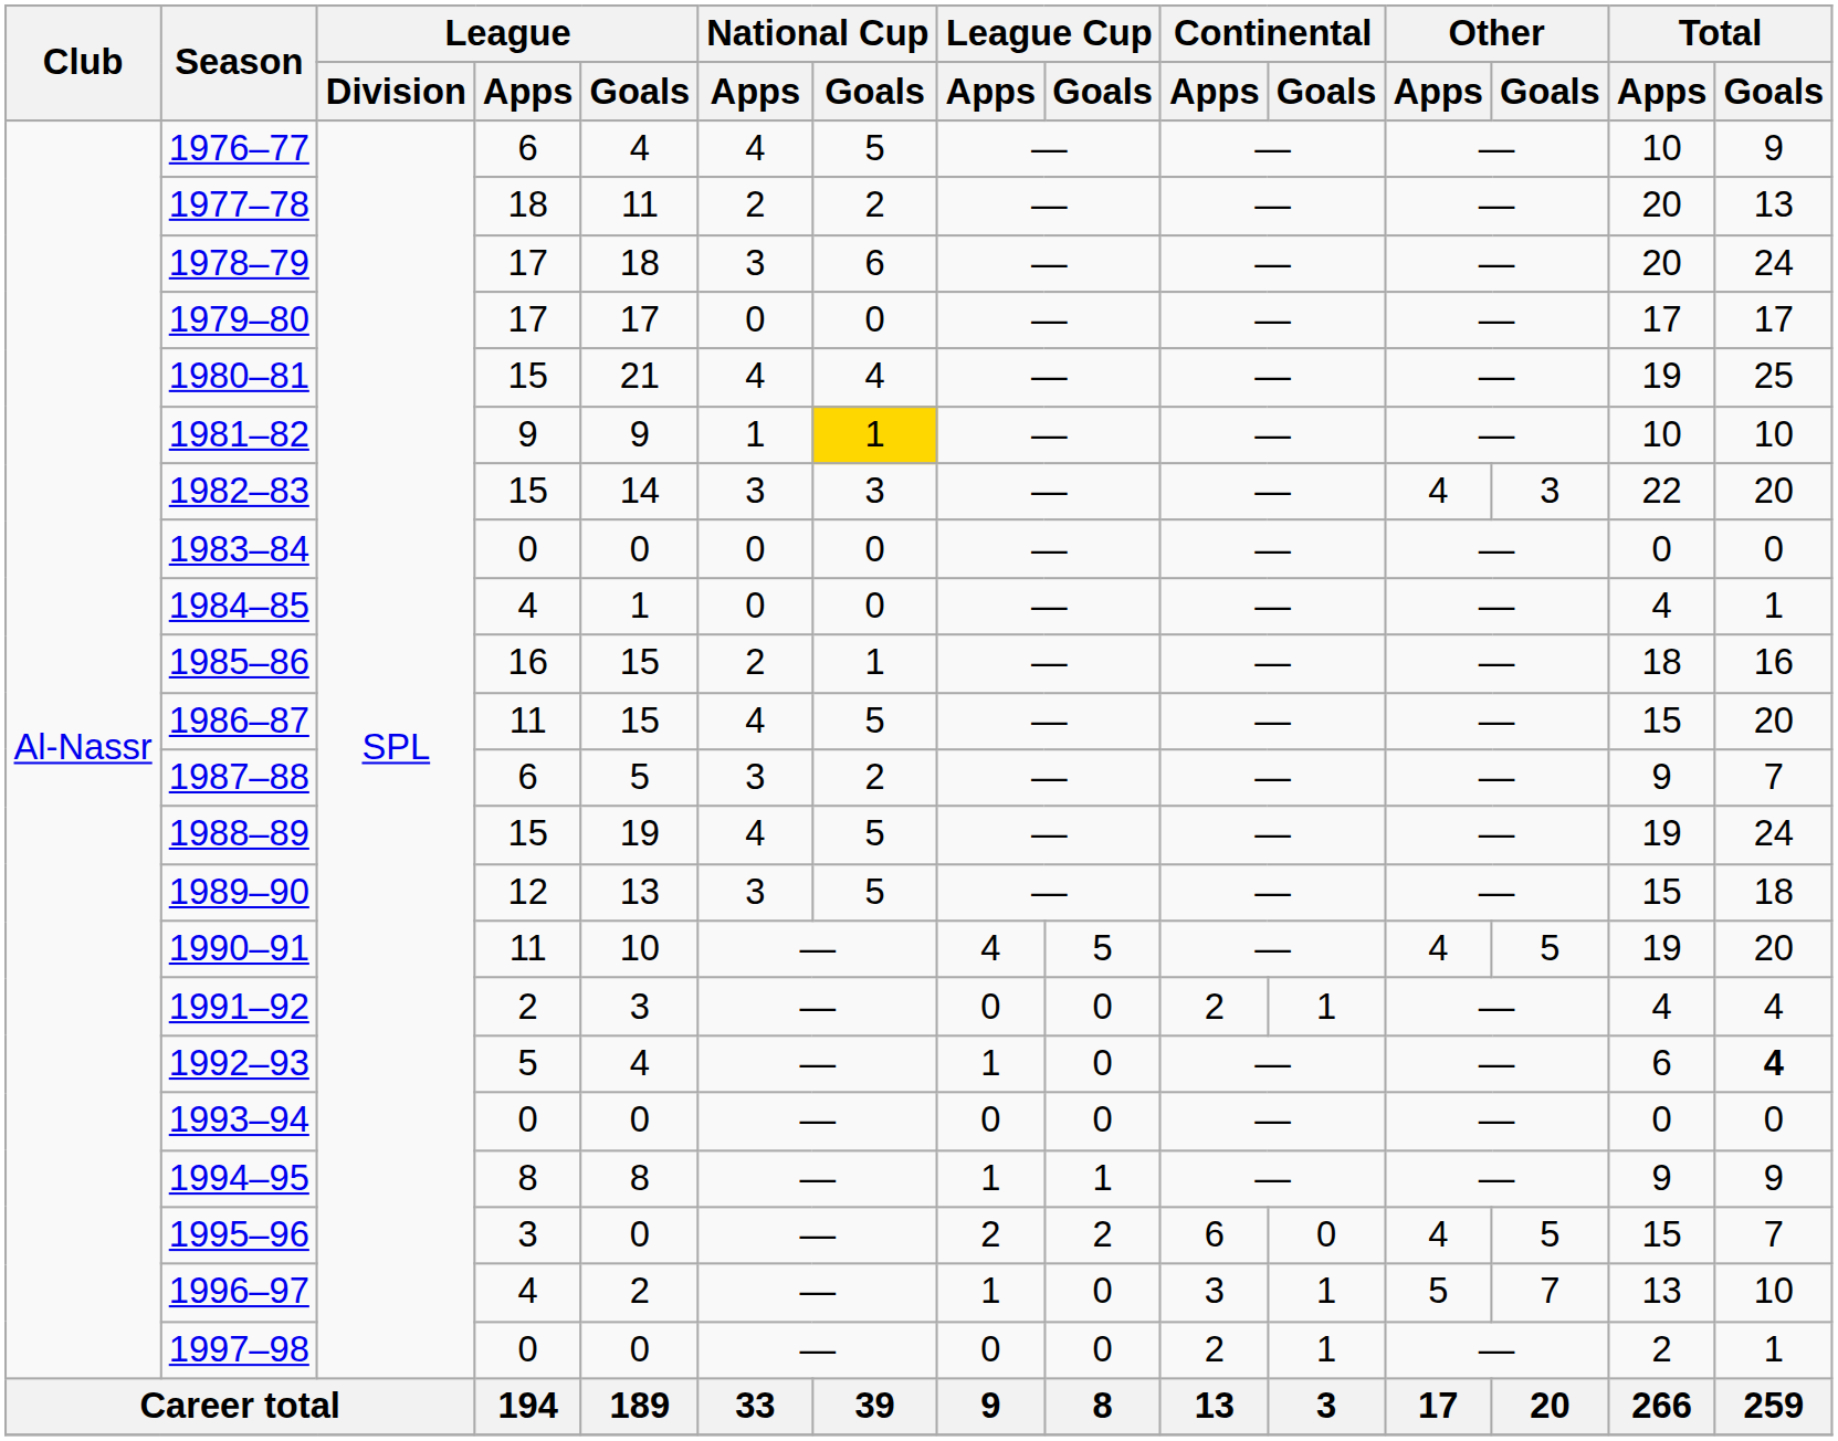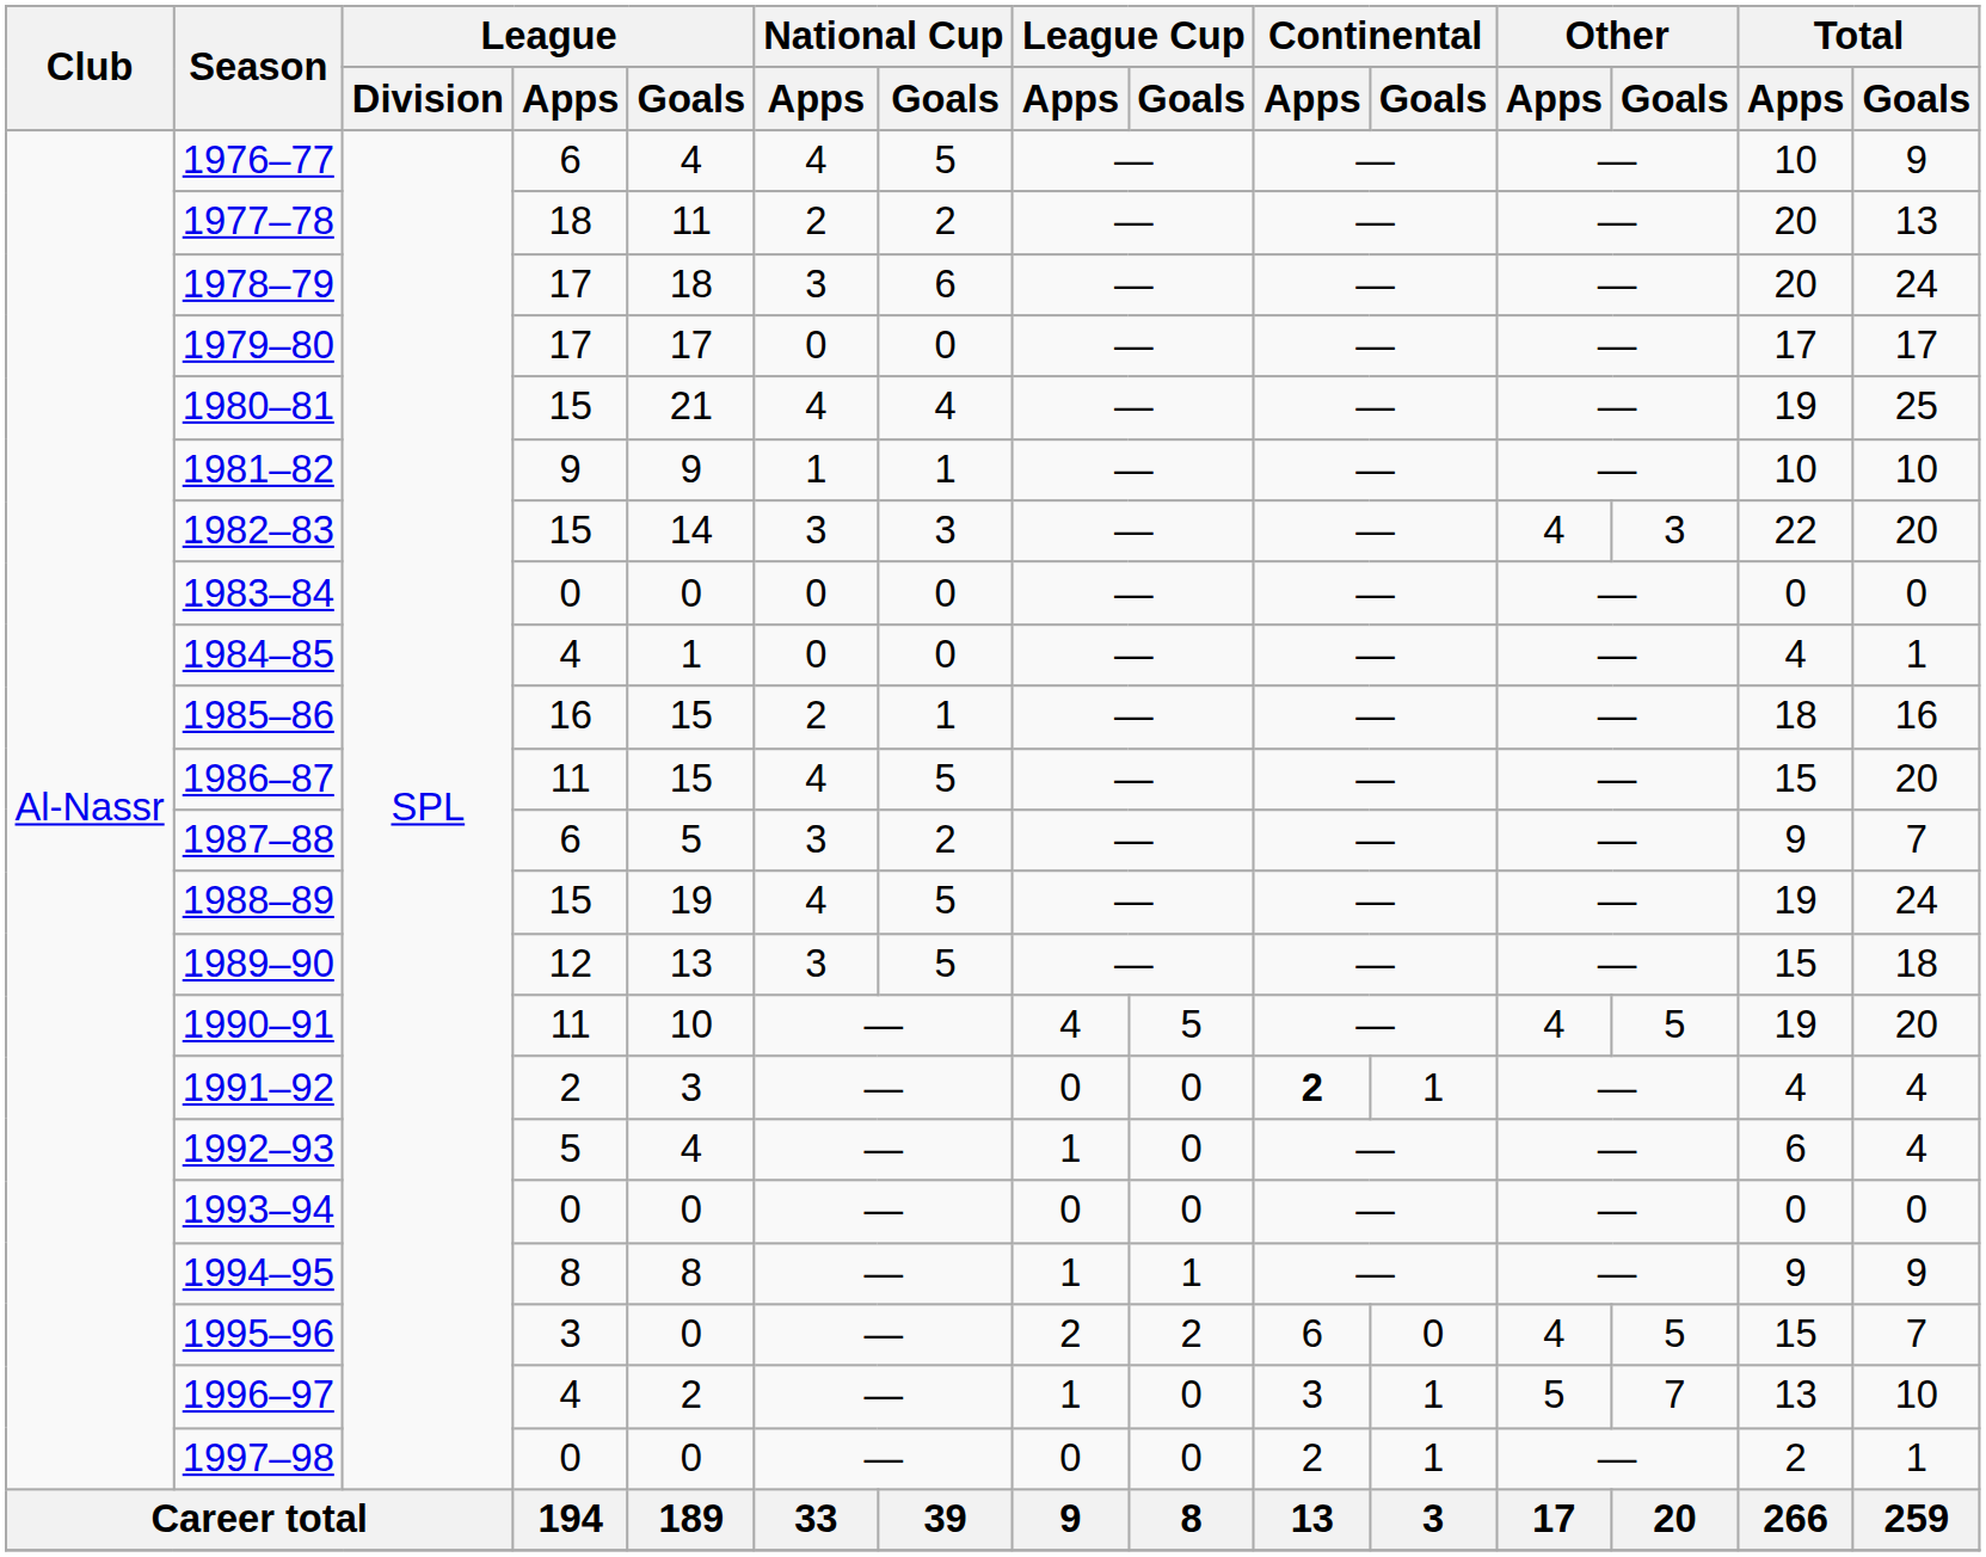 <table class="wikitable" style="text-align: center;">
 <tr>
 <th rowspan=2>Club</th>
 <th rowspan=2>Season</th>
 <th colspan=3>League</th>
 <th colspan=2>National Cup</th>
 <th colspan=2>League Cup</th>
 <th colspan=2>Continental</th>
 <th colspan=2>Other</th>
 <th colspan=2>Total</th>
 </tr>
 <tr>
 <th>Division</th>
 <th>Apps</th>
 <th>Goals</th>
 <th>Apps</th>
 <th>Goals</th>
 <th>Apps</th>
 <th>Goals</th>
 <th>Apps</th>
 <th>Goals</th>
 <th>Apps</th>
 <th>Goals</th>
 <th>Apps</th>
 <th>Goals</th>
 </tr>
 <tr>
 <td rowspan=22><a href='#'>Al-Nassr</a></td>
 <td><a href='#'>1976–77</a></td>
 <td rowspan=22><a href='#'>SPL</a></td>
 <td>6</td>
 <td>4</td>
 <td>4</td>
 <td>5</td>
 <td colspan=2>—</td>
 <td colspan=2>—</td>
 <td colspan=2>—</td>
 <td>10</td>
 <td>9</td>
 </tr>
 <tr>
 <td><a href='#'>1977–78</a></td>
 <td>18</td>
 <td>11</td>
 <td>2</td>
 <td>2</td>
 <td colspan=2>—</td>
 <td colspan=2>—</td>
 <td colspan=2>—</td>
 <td>20</td>
 <td>13</td>
 </tr>
 <tr>
 <td><a href='#'>1978–79</a></td>
 <td>17</td>
 <td>18</td>
 <td>3</td>
 <td>6</td>
 <td colspan=2>—</td>
 <td colspan=2>—</td>
 <td colspan=2>—</td>
 <td>20</td>
 <td>24</td>
 </tr>
 <tr>
 <td><a href='#'>1979–80</a></td>
 <td>17</td>
 <td>17</td>
 <td>0</td>
 <td>0</td>
 <td colspan=2>—</td>
 <td colspan=2>—</td>
 <td colspan=2>—</td>
 <td>17</td>
 <td>17</td>
 </tr>
 <tr>
 <td><a href='#'>1980–81</a></td>
 <td>15</td>
 <td>21</td>
 <td>4</td>
 <td>4</td>
 <td colspan=2>—</td>
 <td colspan=2>—</td>
 <td colspan=2>—</td>
 <td>19</td>
 <td>25</td>
 </tr>
 <tr>
 <td><a href='#'>1981–82</a></td>
 <td>9</td>
 <td>9</td>
 <td>1</td>
-<td style="background: gold;">1</td>
+<td>1</td>
 <td colspan=2>—</td>
 <td colspan=2>—</td>
 <td colspan=2>—</td>
 <td>10</td>
 <td>10</td>
 </tr>
 <tr>
 <td><a href='#'>1982–83</a></td>
 <td>15</td>
 <td>14</td>
 <td>3</td>
 <td>3</td>
 <td colspan=2>—</td>
 <td colspan=2>—</td>
 <td>4</td>
 <td>3</td>
 <td>22</td>
 <td>20</td>
 </tr>
 <tr>
 <td><a href='#'>1983–84</a></td>
 <td>0</td>
 <td>0</td>
 <td>0</td>
 <td>0</td>
 <td colspan=2>—</td>
 <td colspan=2>—</td>
 <td colspan=2>—</td>
 <td>0</td>
 <td>0</td>
 </tr>
 <tr>
 <td><a href='#'>1984–85</a></td>
 <td>4</td>
 <td>1</td>
 <td>0</td>
 <td>0</td>
 <td colspan=2>—</td>
 <td colspan=2>—</td>
 <td colspan=2>—</td>
 <td>4</td>
 <td>1</td>
 </tr>
 <tr>
 <td><a href='#'>1985–86</a></td>
 <td>16</td>
 <td>15</td>
 <td>2</td>
 <td>1</td>
 <td colspan=2>—</td>
 <td colspan=2>—</td>
 <td colspan=2>—</td>
 <td>18</td>
 <td>16</td>
 </tr>
 <tr>
 <td><a href='#'>1986–87</a></td>
 <td>11</td>
 <td>15</td>
 <td>4</td>
 <td>5</td>
 <td colspan=2>—</td>
 <td colspan=2>—</td>
 <td colspan=2>—</td>
 <td>15</td>
 <td>20</td>
 </tr>
 <tr>
 <td><a href='#'>1987–88</a></td>
 <td>6</td>
 <td>5</td>
 <td>3</td>
 <td>2</td>
 <td colspan=2>—</td>
 <td colspan=2>—</td>
 <td colspan=2>—</td>
 <td>9</td>
 <td>7</td>
 </tr>
 <tr>
 <td><a href='#'>1988–89</a></td>
 <td>15</td>
 <td>19</td>
 <td>4</td>
 <td>5</td>
 <td colspan=2>—</td>
 <td colspan=2>—</td>
 <td colspan=2>—</td>
 <td>19</td>
 <td>24</td>
 </tr>
 <tr>
 <td><a href='#'>1989–90</a></td>
 <td>12</td>
 <td>13</td>
 <td>3</td>
 <td>5</td>
 <td colspan=2>—</td>
 <td colspan=2>—</td>
 <td colspan=2>—</td>
 <td>15</td>
 <td>18</td>
 </tr>
 <tr>
 <td><a href='#'>1990–91</a></td>
 <td>11</td>
 <td>10</td>
 <td colspan=2>—</td>
 <td>4</td>
 <td>5</td>
 <td colspan=2>—</td>
 <td>4</td>
 <td>5</td>
 <td>19</td>
 <td>20</td>
 </tr>
 <tr>
 <td><a href='#'>1991–92</a></td>
 <td>2</td>
 <td>3</td>
 <td colspan=2>—</td>
 <td>0</td>
 <td>0</td>
-<td>2</td>
+<td><strong>2</strong></td>
 <td>1</td>
 <td colspan=2>—</td>
 <td>4</td>
 <td>4</td>
 </tr>
 <tr>
 <td><a href='#'>1992–93</a></td>
 <td>5</td>
 <td>4</td>
 <td colspan=2>—</td>
 <td>1</td>
 <td>0</td>
 <td colspan=2>—</td>
 <td colspan=2>—</td>
 <td>6</td>
-<td><strong>4</strong></td>
+<td>4</td>
 </tr>
 <tr>
 <td><a href='#'>1993–94</a></td>
 <td>0</td>
 <td>0</td>
 <td colspan=2>—</td>
 <td>0</td>
 <td>0</td>
 <td colspan=2>—</td>
 <td colspan=2>—</td>
 <td>0</td>
 <td>0</td>
 </tr>
 <tr>
 <td><a href='#'>1994–95</a></td>
 <td>8</td>
 <td>8</td>
 <td colspan=2>—</td>
 <td>1</td>
 <td>1</td>
 <td colspan=2>—</td>
 <td colspan=2>—</td>
 <td>9</td>
 <td>9</td>
 </tr>
 <tr>
 <td><a href='#'>1995–96</a></td>
 <td>3</td>
 <td>0</td>
 <td colspan=2>—</td>
 <td>2</td>
 <td>2</td>
 <td>6</td>
 <td>0</td>
 <td>4</td>
 <td>5</td>
 <td>15</td>
 <td>7</td>
 </tr>
 <tr>
 <td><a href='#'>1996–97</a></td>
 <td>4</td>
 <td>2</td>
 <td colspan=2>—</td>
 <td>1</td>
 <td>0</td>
 <td>3</td>
 <td>1</td>
 <td>5</td>
 <td>7</td>
 <td>13</td>
 <td>10</td>
 </tr>
 <tr>
 <td><a href='#'>1997–98</a></td>
 <td>0</td>
 <td>0</td>
 <td colspan=2>—</td>
 <td>0</td>
 <td>0</td>
 <td>2</td>
 <td>1</td>
 <td colspan=2>—</td>
 <td>2</td>
 <td>1</td>
 </tr>
 <tr style="text-align:center">
 <th colspan=3>Career total</th>
 <th>194</th>
 <th>189</th>
 <th>33</th>
 <th>39</th>
 <th>9</th>
 <th>8</th>
 <th>13</th>
 <th>3</th>
 <th>17</th>
 <th>20</th>
 <th>266</th>
 <th>259</th>
 </tr>
 <tr>
 </tr>
 </table>
